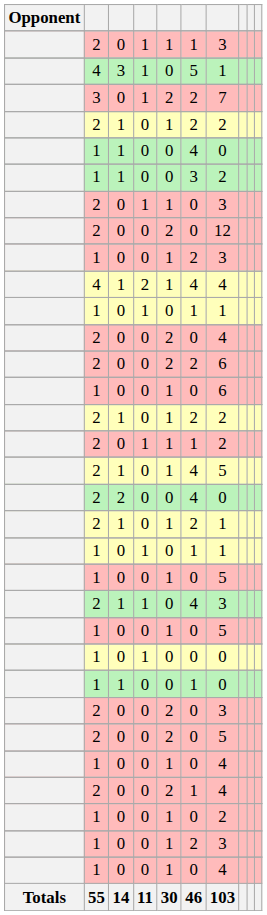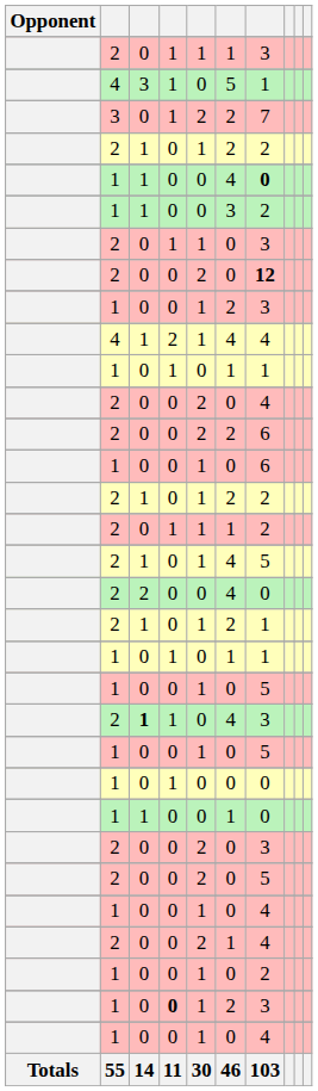 <table class="wikitable plainrowheaders sortable" style="text-align:center">
 <tr>
 <th scope=col>Opponent</th>
 <th scope=col></th>
 <th scope=col></th>
 <th scope=col></th>
 <th scope=col></th>
 <th scope=col></th>
 <th scope=col></th>
 <th scope=col></th>
 <th scope=col></th>
 <th scope=col></th>
 </tr>
 <tr>
 </tr>
 <tr style="background:#ffbbbb">
 <th scope=row style="text-align:left;"></th>
 <td>2</td>
 <td>0</td>
 <td>1</td>
 <td>1</td>
 <td>1</td>
 <td>3</td>
 <td></td>
 <td></td>
 <td></td>
 </tr>
 <tr>
 </tr>
 <tr style="background:#bbf3bb">
 <th scope=row style="text-align:left;"></th>
 <td>4</td>
 <td>3</td>
 <td>1</td>
 <td>0</td>
 <td>5</td>
 <td>1</td>
 <td></td>
 <td></td>
 <td></td>
 </tr>
 <tr>
 </tr>
 <tr style="background:#ffbbbb">
 <th scope=row style="text-align:left;"></th>
 <td>3</td>
 <td>0</td>
 <td>1</td>
 <td>2</td>
 <td>2</td>
 <td>7</td>
 <td></td>
 <td></td>
 <td></td>
 </tr>
 <tr>
 </tr>
 <tr style="background:#ffffbb">
 <th scope=row style="text-align:left;"></th>
 <td>2</td>
 <td>1</td>
 <td>0</td>
 <td>1</td>
 <td>2</td>
 <td>2</td>
 <td></td>
 <td></td>
 <td></td>
 </tr>
 <tr>
 </tr>
 <tr style="background:#bbf3bb">
 <th scope=row style="text-align:left;"></th>
 <td>1</td>
 <td>1</td>
 <td>0</td>
 <td>0</td>
 <td>4</td>
-<td>0</td>
+<td><strong>0</strong></td>
 <td></td>
 <td></td>
 <td></td>
 </tr>
 <tr>
 </tr>
 <tr style="background:#bbf3bb">
 <th scope=row style="text-align:left;"></th>
 <td>1</td>
 <td>1</td>
 <td>0</td>
 <td>0</td>
 <td>3</td>
 <td>2</td>
 <td></td>
 <td></td>
 <td></td>
 </tr>
 <tr>
 </tr>
 <tr style="background:#ffbbbb">
 <th scope=row style="text-align:left;"></th>
 <td>2</td>
 <td>0</td>
 <td>1</td>
 <td>1</td>
 <td>0</td>
 <td>3</td>
 <td></td>
 <td></td>
 <td></td>
 </tr>
 <tr>
 </tr>
 <tr style="background:#ffbbbb">
 <th scope=row style="text-align:left;"></th>
 <td>2</td>
 <td>0</td>
 <td>0</td>
 <td>2</td>
 <td>0</td>
-<td>12</td>
+<td><strong>12</strong></td>
 <td></td>
 <td></td>
 <td></td>
 </tr>
 <tr>
 </tr>
 <tr style="background:#ffbbbb">
 <th scope=row style="text-align:left;"></th>
 <td>1</td>
 <td>0</td>
 <td>0</td>
 <td>1</td>
 <td>2</td>
 <td>3</td>
 <td></td>
 <td></td>
 <td></td>
 </tr>
 <tr>
 </tr>
 <tr style="background:#ffffbb">
 <th scope=row style="text-align:left;"></th>
 <td>4</td>
 <td>1</td>
 <td>2</td>
 <td>1</td>
 <td>4</td>
 <td>4</td>
 <td></td>
 <td></td>
 <td></td>
 </tr>
 <tr>
 </tr>
 <tr style="background:#ffffbb">
 <th scope=row style="text-align:left;"></th>
 <td>1</td>
 <td>0</td>
 <td>1</td>
 <td>0</td>
 <td>1</td>
 <td>1</td>
 <td></td>
 <td></td>
 <td></td>
 </tr>
 <tr>
 </tr>
 <tr style="background:#ffbbbb">
 <th scope=row style="text-align:left;"></th>
 <td>2</td>
 <td>0</td>
 <td>0</td>
 <td>2</td>
 <td>0</td>
 <td>4</td>
 <td></td>
 <td></td>
 <td></td>
 </tr>
 <tr>
 </tr>
 <tr style="background:#ffbbbb">
 <th scope=row style="text-align:left;"></th>
 <td>2</td>
 <td>0</td>
 <td>0</td>
 <td>2</td>
 <td>2</td>
 <td>6</td>
 <td></td>
 <td></td>
 <td></td>
 </tr>
 <tr>
 </tr>
 <tr style="background:#ffbbbb">
 <th scope=row style="text-align:left;"></th>
 <td>1</td>
 <td>0</td>
 <td>0</td>
 <td>1</td>
 <td>0</td>
 <td>6</td>
 <td></td>
 <td></td>
 <td></td>
 </tr>
 <tr>
 </tr>
 <tr style="background:#ffffbb">
 <th scope=row style="text-align:left;"></th>
 <td>2</td>
 <td>1</td>
 <td>0</td>
 <td>1</td>
 <td>2</td>
 <td>2</td>
 <td></td>
 <td></td>
 <td></td>
 </tr>
 <tr>
 </tr>
 <tr style="background:#ffbbbb">
 <th scope=row style="text-align:left;"></th>
 <td>2</td>
 <td>0</td>
 <td>1</td>
 <td>1</td>
 <td>1</td>
 <td>2</td>
 <td></td>
 <td></td>
 <td></td>
 </tr>
 <tr>
 </tr>
 <tr style="background:#ffffbb">
 <th scope=row style="text-align:left;"></th>
 <td>2</td>
 <td>1</td>
 <td>0</td>
 <td>1</td>
 <td>4</td>
 <td>5</td>
 <td></td>
 <td></td>
 <td></td>
 </tr>
 <tr>
 </tr>
 <tr style="background:#bbf3bb">
 <th scope=row style="text-align:left;"></th>
 <td>2</td>
 <td>2</td>
 <td>0</td>
 <td>0</td>
 <td>4</td>
 <td>0</td>
 <td></td>
 <td></td>
 <td></td>
 </tr>
 <tr>
 </tr>
 <tr style="background:#ffffbb">
 <th scope=row style="text-align:left;"></th>
 <td>2</td>
 <td>1</td>
 <td>0</td>
 <td>1</td>
 <td>2</td>
 <td>1</td>
 <td></td>
 <td></td>
 <td></td>
 </tr>
 <tr>
 </tr>
 <tr style="background:#ffffbb">
 <th scope=row style="text-align:left;"></th>
 <td>1</td>
 <td>0</td>
 <td>1</td>
 <td>0</td>
 <td>1</td>
 <td>1</td>
 <td></td>
 <td></td>
 <td></td>
 </tr>
 <tr>
 </tr>
 <tr style="background:#ffbbbb">
 <th scope=row style="text-align:left;"></th>
 <td>1</td>
 <td>0</td>
 <td>0</td>
 <td>1</td>
 <td>0</td>
 <td>5</td>
 <td></td>
 <td></td>
 <td></td>
 </tr>
 <tr>
 </tr>
 <tr style="background:#bbf3bb">
 <th scope=row style="text-align:left;"></th>
 <td>2</td>
-<td>1</td>
+<td><strong>1</strong></td>
 <td>1</td>
 <td>0</td>
 <td>4</td>
 <td>3</td>
 <td></td>
 <td></td>
 <td></td>
 </tr>
 <tr>
 </tr>
 <tr style="background:#ffbbbb">
 <th scope=row style="text-align:left;"></th>
 <td>1</td>
 <td>0</td>
 <td>0</td>
 <td>1</td>
 <td>0</td>
 <td>5</td>
 <td></td>
 <td></td>
 <td></td>
 </tr>
 <tr>
 </tr>
 <tr style="background:#ffffbb">
 <th scope=row style="text-align:left;"></th>
 <td>1</td>
 <td>0</td>
 <td>1</td>
 <td>0</td>
 <td>0</td>
 <td>0</td>
 <td></td>
 <td></td>
 <td></td>
 </tr>
 <tr>
 </tr>
 <tr style="background:#bbf3bb">
 <th scope=row style="text-align:left;"></th>
 <td>1</td>
 <td>1</td>
 <td>0</td>
 <td>0</td>
 <td>1</td>
 <td>0</td>
 <td></td>
 <td></td>
 <td></td>
 </tr>
 <tr>
 </tr>
 <tr style="background:#ffbbbb">
 <th scope=row style="text-align:left;"></th>
 <td>2</td>
 <td>0</td>
 <td>0</td>
 <td>2</td>
 <td>0</td>
 <td>3</td>
 <td></td>
 <td></td>
 <td></td>
 </tr>
 <tr>
 </tr>
 <tr style="background:#ffbbbb">
 <th scope=row style="text-align:left;"></th>
 <td>2</td>
 <td>0</td>
 <td>0</td>
 <td>2</td>
 <td>0</td>
 <td>5</td>
 <td></td>
 <td></td>
 <td></td>
 </tr>
 <tr>
 </tr>
 <tr style="background:#ffbbbb">
 <th scope=row style="text-align:left;"></th>
 <td>1</td>
 <td>0</td>
 <td>0</td>
 <td>1</td>
 <td>0</td>
 <td>4</td>
 <td></td>
 <td></td>
 <td></td>
 </tr>
 <tr>
 </tr>
 <tr style="background:#ffbbbb">
 <th scope=row style="text-align:left;"></th>
 <td>2</td>
 <td>0</td>
 <td>0</td>
 <td>2</td>
 <td>1</td>
 <td>4</td>
 <td></td>
 <td></td>
 <td></td>
 </tr>
 <tr>
 </tr>
 <tr style="background:#ffbbbb">
 <th scope=row style="text-align:left;"></th>
 <td>1</td>
 <td>0</td>
 <td>0</td>
 <td>1</td>
 <td>0</td>
 <td>2</td>
 <td></td>
 <td></td>
 <td></td>
 </tr>
 <tr>
 </tr>
 <tr style="background:#ffbbbb">
 <th scope=row style="text-align:left;"></th>
 <td>1</td>
 <td>0</td>
-<td>0</td>
+<td><strong>0</strong></td>
 <td>1</td>
 <td>2</td>
 <td>3</td>
 <td></td>
 <td></td>
 <td></td>
 </tr>
 <tr>
 </tr>
 <tr style="background:#ffbbbb">
 <th scope=row style="text-align:left;"></th>
 <td>1</td>
 <td>0</td>
 <td>0</td>
 <td>1</td>
 <td>0</td>
 <td>4</td>
 <td></td>
 <td></td>
 <td></td>
 </tr>
 <tr class="sortbottom">
 <th>Totals</th>
 <th>55</th>
 <th>14</th>
 <th>11</th>
 <th>30</th>
 <th>46</th>
 <th>103</th>
 <th></th>
 <th></th>
 <th></th>
 </tr>
 </table>
